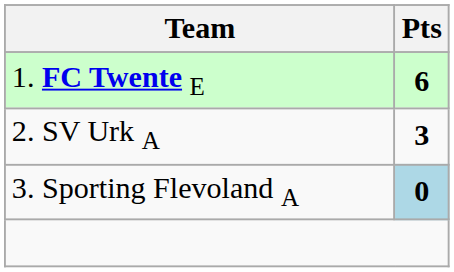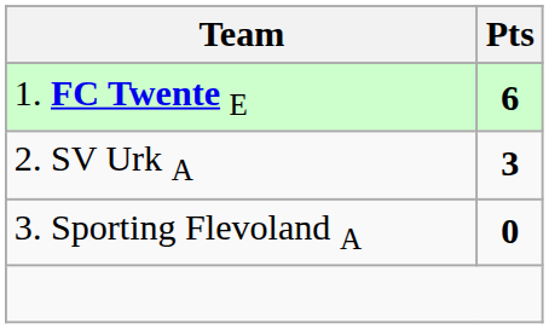 <table class="wikitable" style="text-align:center; float:left; margin-right:1em">
 <tr>
 <th style="width:200px">Team</th>
 <th width=20>Pts</th>
 </tr>
 <tr bgcolor=ccffcc>
 <td align=left>1. <strong><a href='#'>FC Twente</a></strong> <sub>E</sub></td>
 <td><strong>6</strong></td>
 </tr>
 <tr>
 <td align=left>2. SV Urk <sub>A</sub></td>
 <td><strong>3</strong></td>
 </tr>
 <tr>
 <td align=left>3. Sporting Flevoland <sub>A</sub></td>
-<td style="background: lightblue;"><strong>0</strong></td>
+<td><strong>0</strong></td>
 </tr>
 <tr>
 <td colspan=2> </td>
 </tr>
 </table>
